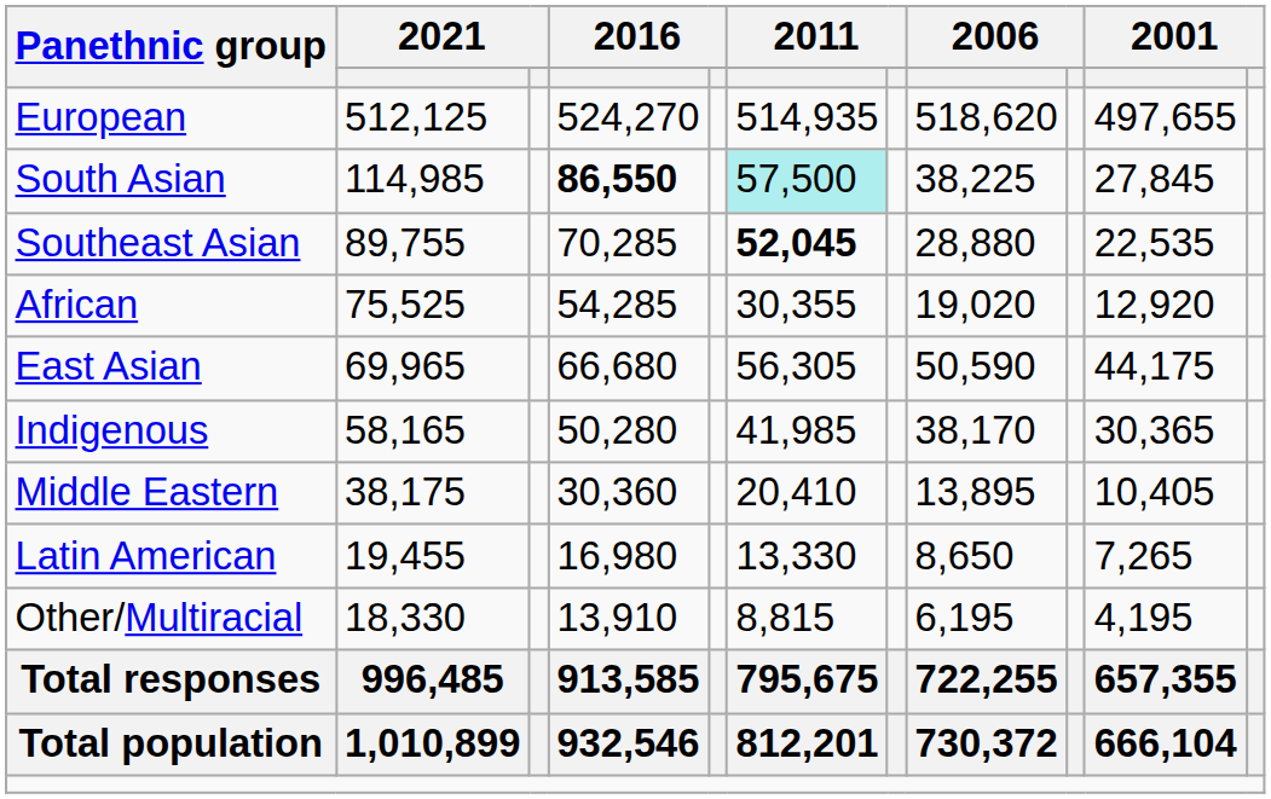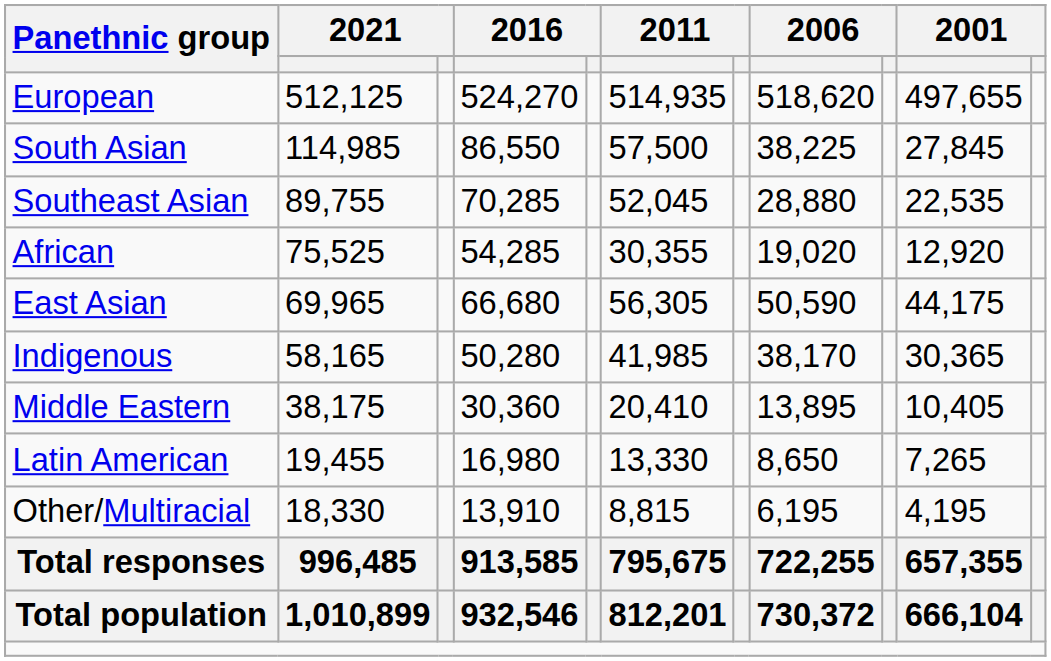 <table class="wikitable collapsible sortable">
 <tr>
 <th rowspan="2"><a href='#'>Panethnic</a> group</th>
 <th colspan="2">2021</th>
 <th colspan="2">2016</th>
 <th colspan="2">2011</th>
 <th colspan="2">2006</th>
 <th colspan="2">2001</th>
 </tr>
 <tr>
 <th><a href='#'></a></th>
 <th></th>
 <th></th>
 <th></th>
 <th></th>
 <th></th>
 <th></th>
 <th></th>
 <th></th>
 <th></th>
 </tr>
 <tr>
 <td><a href='#'>European</a></td>
 <td>512,125</td>
 <td></td>
 <td>524,270</td>
 <td></td>
 <td>514,935</td>
 <td></td>
 <td>518,620</td>
 <td></td>
 <td>497,655</td>
 <td></td>
 </tr>
 <tr>
 <td><a href='#'>South Asian</a></td>
 <td>114,985</td>
 <td></td>
-<td><strong>86,550</strong></td>
+<td>86,550</td>
 <td></td>
-<td style="background: paleturquoise;">57,500</td>
+<td>57,500</td>
 <td></td>
 <td>38,225</td>
 <td></td>
 <td>27,845</td>
 <td></td>
 </tr>
 <tr>
 <td><a href='#'>Southeast Asian</a></td>
 <td>89,755</td>
 <td></td>
 <td>70,285</td>
 <td></td>
-<td><strong>52,045</strong></td>
+<td>52,045</td>
 <td></td>
 <td>28,880</td>
 <td></td>
 <td>22,535</td>
 <td></td>
 </tr>
 <tr>
 <td><a href='#'>African</a></td>
 <td>75,525</td>
 <td></td>
 <td>54,285</td>
 <td></td>
 <td>30,355</td>
 <td></td>
 <td>19,020</td>
 <td></td>
 <td>12,920</td>
 <td></td>
 </tr>
 <tr>
 <td><a href='#'>East Asian</a></td>
 <td>69,965</td>
 <td></td>
 <td>66,680</td>
 <td></td>
 <td>56,305</td>
 <td></td>
 <td>50,590</td>
 <td></td>
 <td>44,175</td>
 <td></td>
 </tr>
 <tr>
 <td><a href='#'>Indigenous</a></td>
 <td>58,165</td>
 <td></td>
 <td>50,280</td>
 <td></td>
 <td>41,985</td>
 <td></td>
 <td>38,170</td>
 <td></td>
 <td>30,365</td>
 <td></td>
 </tr>
 <tr>
 <td><a href='#'>Middle Eastern</a></td>
 <td>38,175</td>
 <td></td>
 <td>30,360</td>
 <td></td>
 <td>20,410</td>
 <td></td>
 <td>13,895</td>
 <td></td>
 <td>10,405</td>
 <td></td>
 </tr>
 <tr>
 <td><a href='#'>Latin American</a></td>
 <td>19,455</td>
 <td></td>
 <td>16,980</td>
 <td></td>
 <td>13,330</td>
 <td></td>
 <td>8,650</td>
 <td></td>
 <td>7,265</td>
 <td></td>
 </tr>
 <tr>
 <td>Other/<a href='#'>Multiracial</a></td>
 <td>18,330</td>
 <td></td>
 <td>13,910</td>
 <td></td>
 <td>8,815</td>
 <td></td>
 <td>6,195</td>
 <td></td>
 <td>4,195</td>
 <td></td>
 </tr>
 <tr>
 <th>Total responses</th>
 <th>996,485</th>
 <th></th>
 <th>913,585</th>
 <th></th>
 <th>795,675</th>
 <th></th>
 <th>722,255</th>
 <th></th>
 <th>657,355</th>
 <th></th>
 </tr>
 <tr>
 <th>Total population</th>
 <th>1,010,899</th>
 <th></th>
 <th>932,546</th>
 <th></th>
 <th>812,201</th>
 <th></th>
 <th>730,372</th>
 <th></th>
 <th>666,104</th>
 <th></th>
 </tr>
 <tr class="sortbottom">
 <td colspan="15"></td>
 </tr>
 </table>
